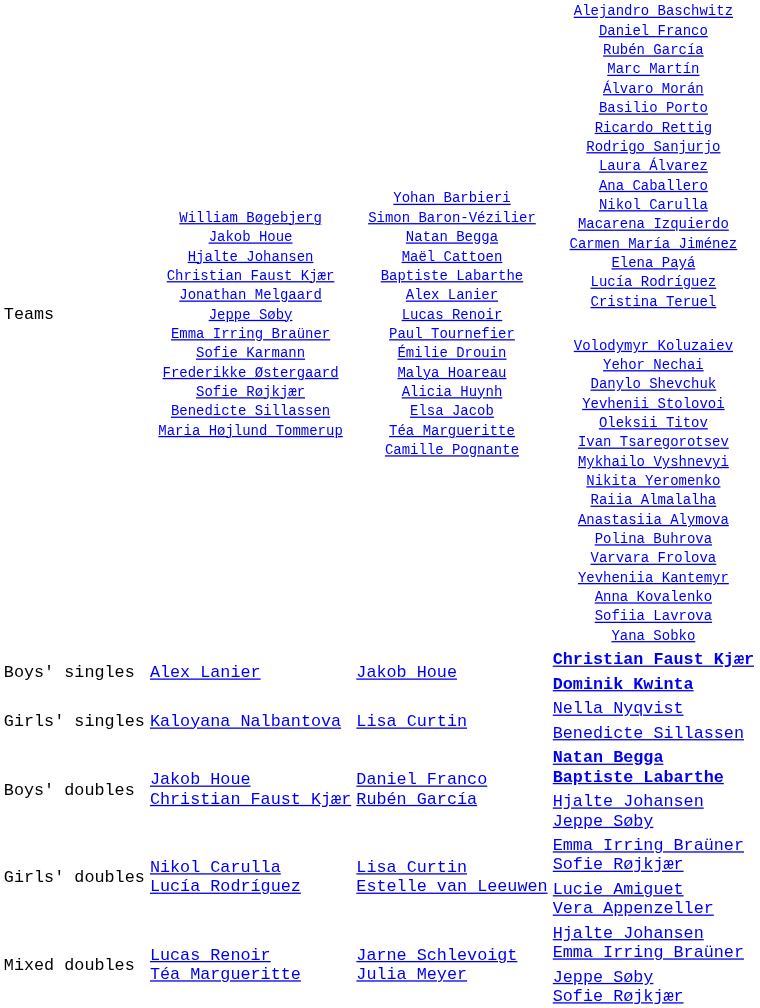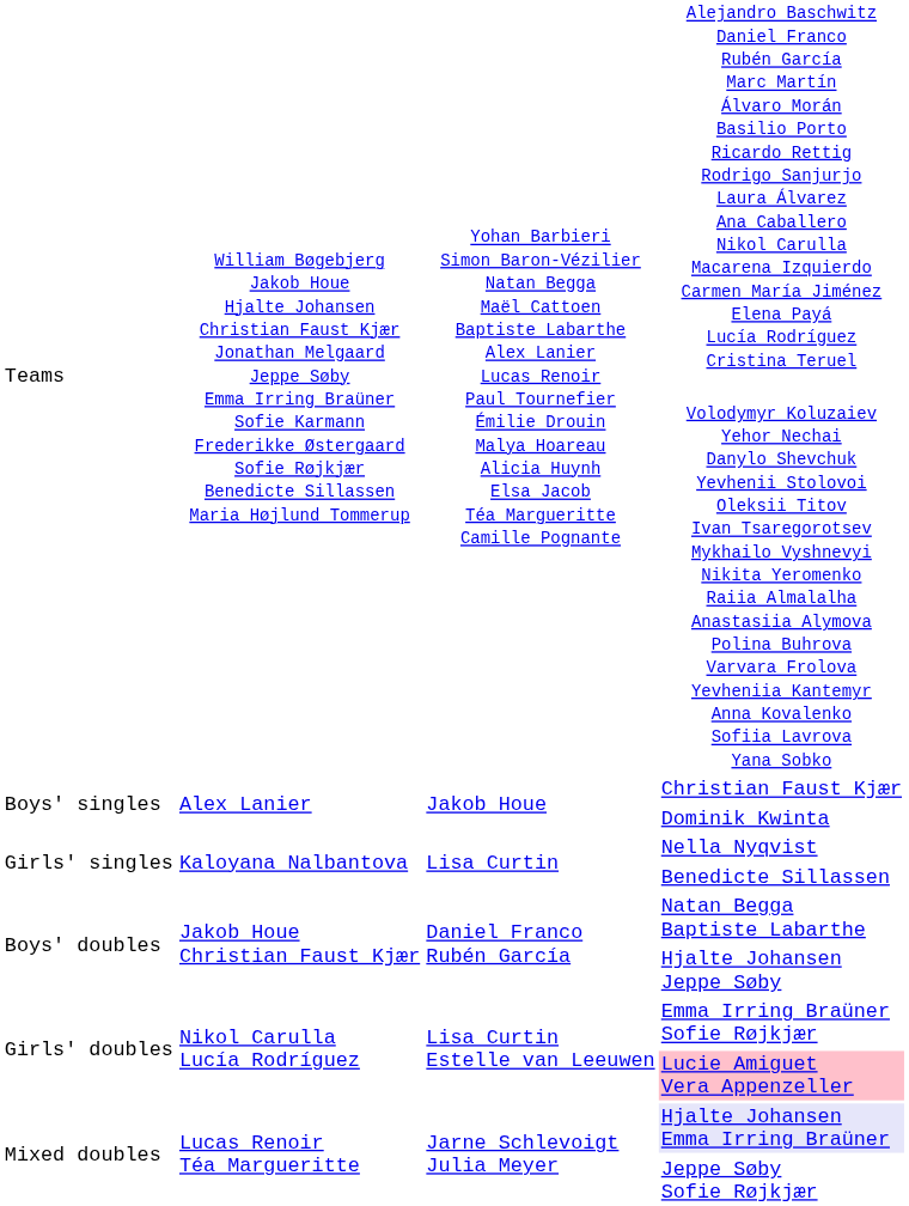 <table>
 <tr>
 <td rowspan="2">Teams</td>
 <td align="center" rowspan="2"><br><small><a href='#'>William Bøgebjerg</a><br><a href='#'>Jakob Houe</a><br><a href='#'>Hjalte Johansen</a><br><a href='#'>Christian Faust Kjær</a><br><a href='#'>Jonathan Melgaard</a><br><a href='#'>Jeppe Søby</a><br><a href='#'>Emma Irring Braüner</a><br><a href='#'>Sofie Karmann</a><br><a href='#'>Frederikke Østergaard</a><br><a href='#'>Sofie Røjkjær</a><br><a href='#'>Benedicte Sillassen</a><br><a href='#'>Maria Højlund Tommerup</a></small></td>
 <td align="center" rowspan="2"><br><small><a href='#'>Yohan Barbieri</a><br><a href='#'>Simon Baron-Vézilier</a><br><a href='#'>Natan Begga</a><br><a href='#'>Maël Cattoen</a><br><a href='#'>Baptiste Labarthe</a><br><a href='#'>Alex Lanier</a><br><a href='#'>Lucas Renoir</a><br><a href='#'>Paul Tournefier</a><br><a href='#'>Émilie Drouin</a><br><a href='#'>Malya Hoareau</a><br><a href='#'>Alicia Huynh</a><br><a href='#'>Elsa Jacob</a><br><a href='#'>Téa Margueritte</a><br><a href='#'>Camille Pognante</a></small></td>
 <td align="center"><br><small><a href='#'>Alejandro Baschwitz</a><br><a href='#'>Daniel Franco</a><br><a href='#'>Rubén García</a><br><a href='#'>Marc Martín</a><br><a href='#'>Álvaro Morán</a><br><a href='#'>Basilio Porto</a><br><a href='#'>Ricardo Rettig</a><br><a href='#'>Rodrigo Sanjurjo</a><br><a href='#'>Laura Álvarez</a><br><a href='#'>Ana Caballero</a><br><a href='#'>Nikol Carulla</a><br><a href='#'>Macarena Izquierdo</a><br><a href='#'>Carmen María Jiménez</a><br><a href='#'>Elena Payá</a><br><a href='#'>Lucía Rodríguez</a><br><a href='#'>Cristina Teruel</a></small></td>
 </tr>
 <tr>
 <td align="center"><br><small><a href='#'>Volodymyr Koluzaiev</a><br><a href='#'>Yehor Nechai</a><br><a href='#'>Danylo Shevchuk</a><br><a href='#'>Yevhenii Stolovoi</a><br><a href='#'>Oleksii Titov</a><br><a href='#'>Ivan Tsaregorotsev</a><br><a href='#'>Mykhailo Vyshnevyi</a><br><a href='#'>Nikita Yeromenko</a><br><a href='#'>Raiia Almalalha</a><br><a href='#'>Anastasiia Alymova</a><br><a href='#'>Polina Buhrova</a><br><a href='#'>Varvara Frolova</a><br><a href='#'>Yevheniia Kantemyr</a><br><a href='#'>Anna Kovalenko</a><br><a href='#'>Sofiia Lavrova</a><br><a href='#'>Yana Sobko</a></small></td>
 </tr>
 <tr>
 <td rowspan="2">Boys' singles<br></td>
 <td rowspan="2"> <a href='#'>Alex Lanier</a></td>
 <td rowspan="2"> <a href='#'>Jakob Houe</a></td>
-<td><strong> <a href='#'>Christian Faust Kjær</a></strong></td>
+<td> <a href='#'>Christian Faust Kjær</a></td>
 </tr>
 <tr>
-<td><strong> <a href='#'>Dominik Kwinta</a></strong></td>
+<td> <a href='#'>Dominik Kwinta</a></td>
 </tr>
 <tr>
 <td rowspan="2">Girls' singles<br></td>
 <td rowspan="2"> <a href='#'>Kaloyana Nalbantova</a></td>
 <td rowspan="2"> <a href='#'>Lisa Curtin</a></td>
 <td> <a href='#'>Nella Nyqvist</a></td>
 </tr>
 <tr>
 <td> <a href='#'>Benedicte Sillassen</a></td>
 </tr>
 <tr>
 <td rowspan="2">Boys' doubles<br></td>
 <td rowspan="2"> <a href='#'>Jakob Houe</a><br> <a href='#'>Christian Faust Kjær</a></td>
 <td rowspan="2"> <a href='#'>Daniel Franco</a><br> <a href='#'>Rubén García</a></td>
-<td><strong> <a href='#'>Natan Begga</a><br> <a href='#'>Baptiste Labarthe</a></strong></td>
+<td> <a href='#'>Natan Begga</a><br> <a href='#'>Baptiste Labarthe</a></td>
 </tr>
 <tr>
 <td> <a href='#'>Hjalte Johansen</a><br> <a href='#'>Jeppe Søby</a></td>
 </tr>
 <tr>
 <td rowspan="2">Girls' doubles<br></td>
 <td rowspan="2"> <a href='#'>Nikol Carulla</a><br> <a href='#'>Lucía Rodríguez</a></td>
 <td rowspan="2"> <a href='#'>Lisa Curtin</a><br> <a href='#'>Estelle van Leeuwen</a></td>
 <td> <a href='#'>Emma Irring Braüner</a><br> <a href='#'>Sofie Røjkjær</a></td>
 </tr>
 <tr>
-<td> <a href='#'>Lucie Amiguet</a><br> <a href='#'>Vera Appenzeller</a></td>
+<td style="background: pink;"> <a href='#'>Lucie Amiguet</a><br> <a href='#'>Vera Appenzeller</a></td>
 </tr>
 <tr>
 <td rowspan="2">Mixed doubles<br></td>
 <td rowspan="2"> <a href='#'>Lucas Renoir</a><br> <a href='#'>Téa Margueritte</a></td>
 <td rowspan="2"> <a href='#'>Jarne Schlevoigt</a><br> <a href='#'>Julia Meyer</a></td>
-<td> <a href='#'>Hjalte Johansen</a><br> <a href='#'>Emma Irring Braüner</a></td>
+<td style="background: lavender;"> <a href='#'>Hjalte Johansen</a><br> <a href='#'>Emma Irring Braüner</a></td>
 </tr>
 <tr>
 <td> <a href='#'>Jeppe Søby</a><br> <a href='#'>Sofie Røjkjær</a></td>
 </tr>
 </table>
